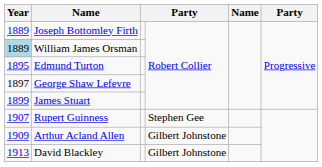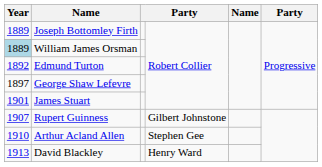 <table class="wikitable">
 <tr>
 <th>Year</th>
 <th>Name</th>
 <th colspan=2>Party</th>
 <th>Name</th>
 <th colspan=2>Party</th>
 </tr>
 <tr>
 <td><a href='#'>1889</a></td>
 <td><a href='#'>Joseph Bottomley Firth</a></td>
 <td></td>
 <td rowspan=5><a href='#'>Robert Collier</a></td>
 <td rowspan=5 style="background-color: "></td>
 <td rowspan=5><a href='#'>Progressive</a></td>
 </tr>
 <tr>
 <td style="background: lightblue;">1889</td>
 <td>William James Orsman</td>
 <td></td>
 </tr>
 <tr>
-<td><a href='#'>1895</a></td>
+<td><a href='#'>1892</a></td>
 <td><a href='#'>Edmund Turton</a></td>
 <td></td>
 </tr>
 <tr>
 <td>1897</td>
 <td><a href='#'>George Shaw Lefevre</a></td>
 <td></td>
 </tr>
 <tr>
-<td><a href='#'>1899</a></td>
+<td><a href='#'>1901</a></td>
 <td><a href='#'>James Stuart</a></td>
 <td></td>
 </tr>
 <tr>
 <td><a href='#'>1907</a></td>
 <td><a href='#'>Rupert Guinness</a></td>
 <td></td>
-<td>Stephen Gee</td>
+<td>Gilbert Johnstone</td>
 <td></td>
 </tr>
 <tr>
-<td><a href='#'>1909</a></td>
+<td><a href='#'>1910</a></td>
 <td><a href='#'>Arthur Acland Allen</a></td>
 <td></td>
-<td>Gilbert Johnstone</td>
+<td>Stephen Gee</td>
 <td></td>
 </tr>
 <tr>
 <td><a href='#'>1913</a></td>
 <td>David Blackley</td>
 <td></td>
-<td>Gilbert Johnstone</td>
+<td>Henry Ward</td>
 <td></td>
 </tr>
 </table>
